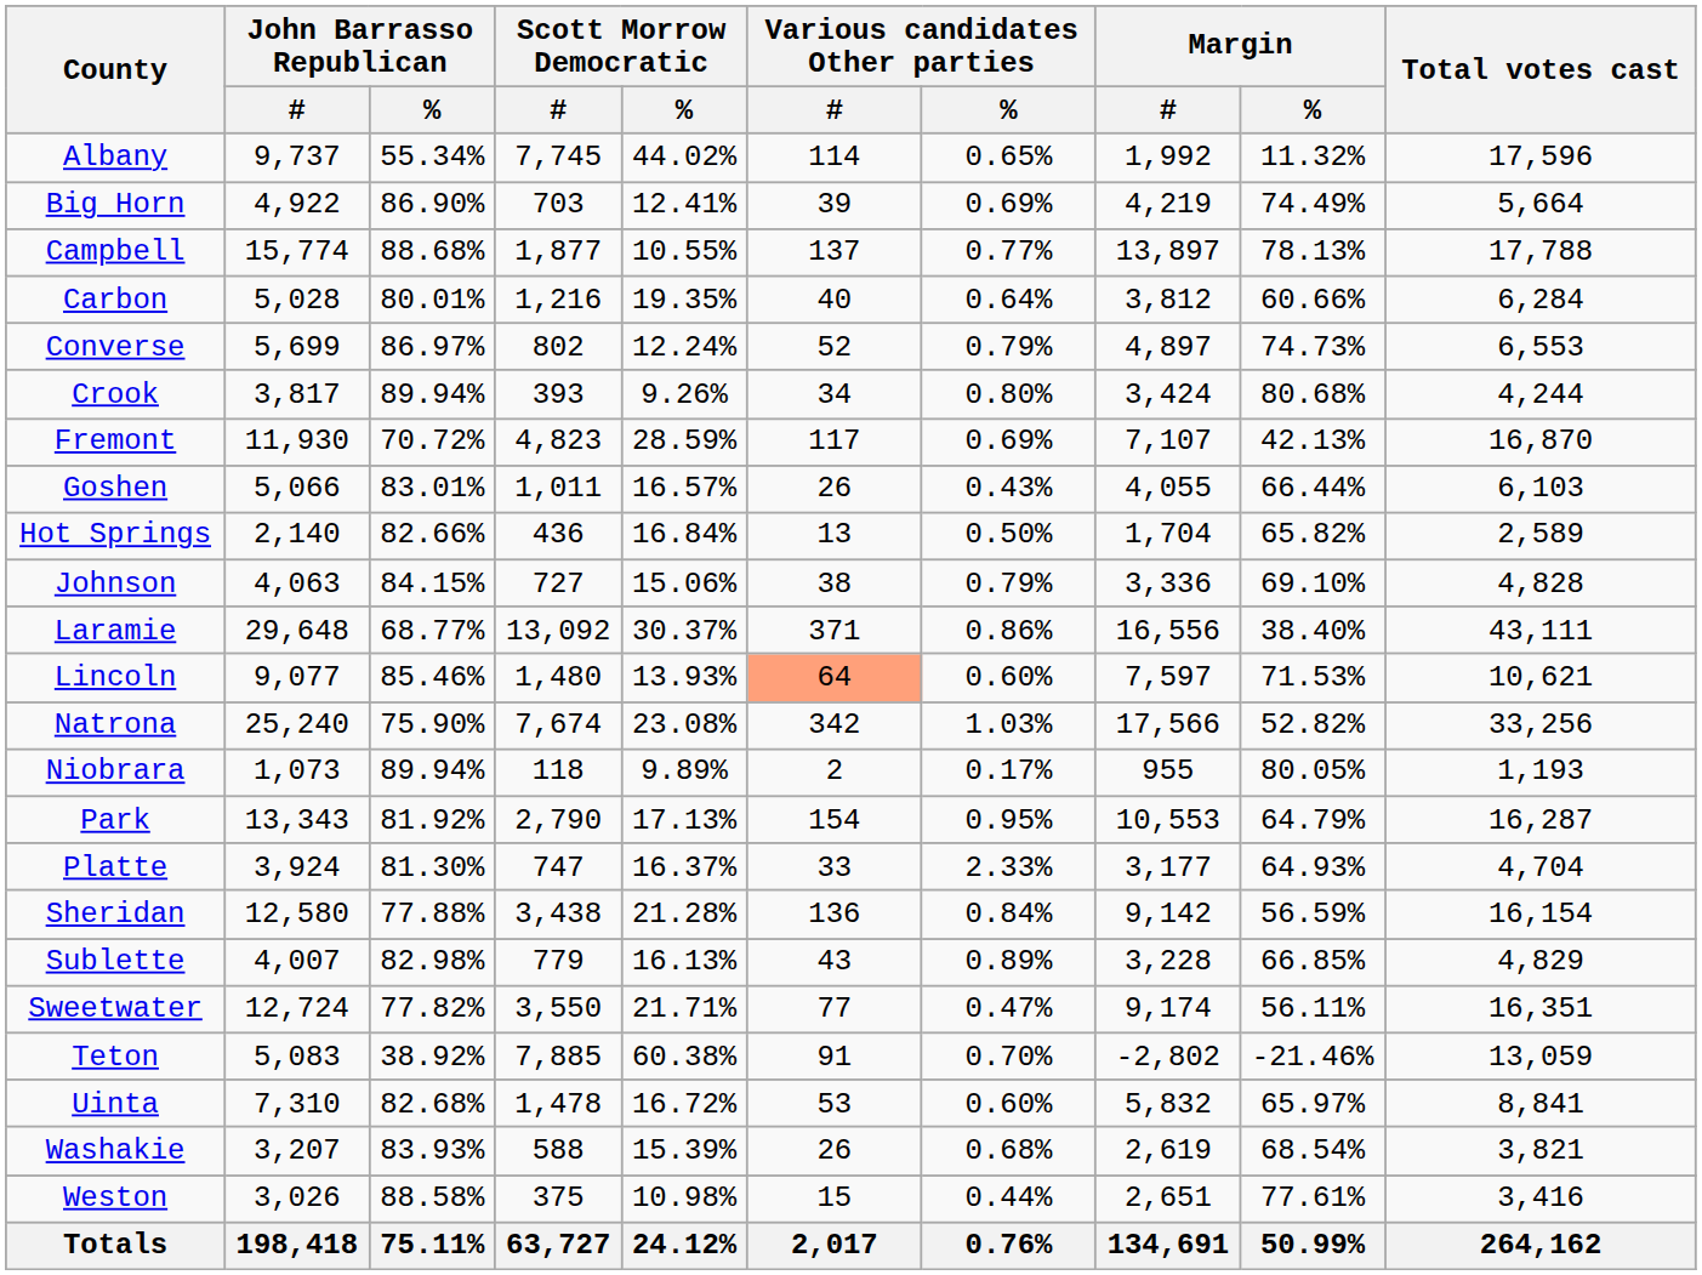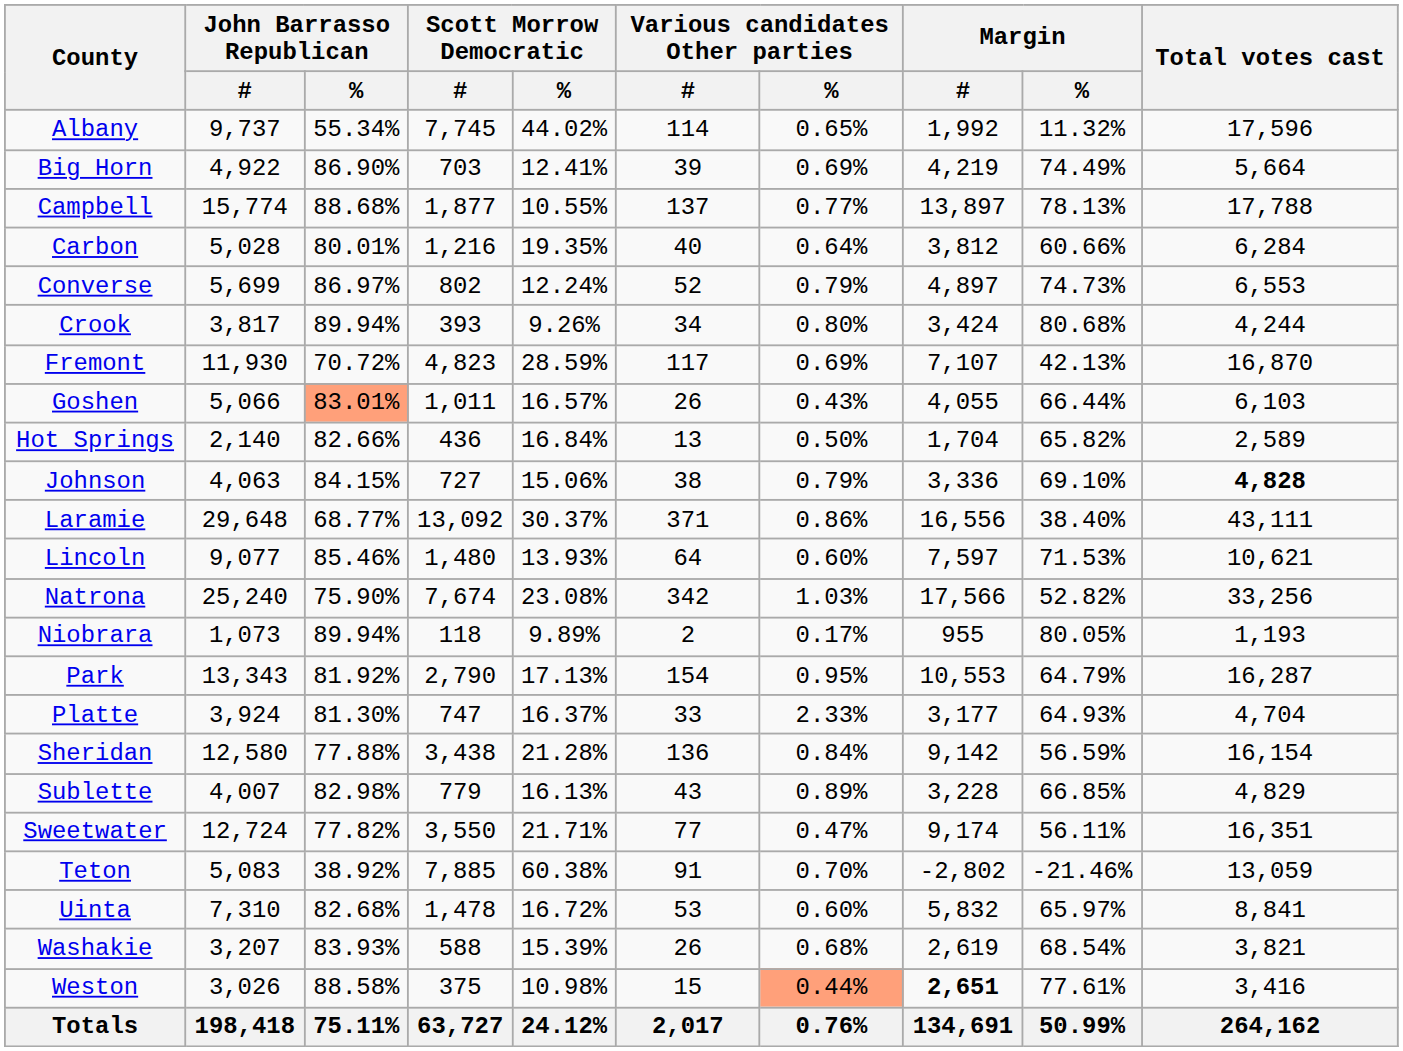 <table width="60%"  class="wikitable sortable" style="text-align:center">
 <tr>
 <th rowspan="2">County</th>
 <th style="text-align:center;" colspan="2">John Barrasso<br>Republican</th>
 <th style="text-align:center;" colspan="2">Scott Morrow<br>Democratic</th>
 <th style="text-align:center;" colspan="2">Various candidates<br>Other parties</th>
 <th style="text-align:center;" colspan="2">Margin</th>
 <th rowspan="2" style="text-align:center;">Total votes cast</th>
 </tr>
 <tr>
 <th style="text-align:center;" data-sort-type="number">#</th>
 <th style="text-align:center;" data-sort-type="number">%</th>
 <th style="text-align:center;" data-sort-type="number">#</th>
 <th style="text-align:center;" data-sort-type="number">%</th>
 <th style="text-align:center;" data-sort-type="number">#</th>
 <th style="text-align:center;" data-sort-type="number">%</th>
 <th style="text-align:center;" data-sort-type="number">#</th>
 <th style="text-align:center;" data-sort-type="number">%</th>
 </tr>
 <tr style="text-align:center;">
 <td><a href='#'>Albany</a></td>
 <td>9,737</td>
 <td>55.34%</td>
 <td>7,745</td>
 <td>44.02%</td>
 <td>114</td>
 <td>0.65%</td>
 <td>1,992</td>
 <td>11.32%</td>
 <td>17,596</td>
 </tr>
 <tr style="text-align:center;">
 <td><a href='#'>Big Horn</a></td>
 <td>4,922</td>
 <td>86.90%</td>
 <td>703</td>
 <td>12.41%</td>
 <td>39</td>
 <td>0.69%</td>
 <td>4,219</td>
 <td>74.49%</td>
 <td>5,664</td>
 </tr>
 <tr style="text-align:center;">
 <td><a href='#'>Campbell</a></td>
 <td>15,774</td>
 <td>88.68%</td>
 <td>1,877</td>
 <td>10.55%</td>
 <td>137</td>
 <td>0.77%</td>
 <td>13,897</td>
 <td>78.13%</td>
 <td>17,788</td>
 </tr>
 <tr style="text-align:center;">
 <td><a href='#'>Carbon</a></td>
 <td>5,028</td>
 <td>80.01%</td>
 <td>1,216</td>
 <td>19.35%</td>
 <td>40</td>
 <td>0.64%</td>
 <td>3,812</td>
 <td>60.66%</td>
 <td>6,284</td>
 </tr>
 <tr style="text-align:center;">
 <td><a href='#'>Converse</a></td>
 <td>5,699</td>
 <td>86.97%</td>
 <td>802</td>
 <td>12.24%</td>
 <td>52</td>
 <td>0.79%</td>
 <td>4,897</td>
 <td>74.73%</td>
 <td>6,553</td>
 </tr>
 <tr style="text-align:center;">
 <td><a href='#'>Crook</a></td>
 <td>3,817</td>
 <td>89.94%</td>
 <td>393</td>
 <td>9.26%</td>
 <td>34</td>
 <td>0.80%</td>
 <td>3,424</td>
 <td>80.68%</td>
 <td>4,244</td>
 </tr>
 <tr style="text-align:center;">
 <td><a href='#'>Fremont</a></td>
 <td>11,930</td>
 <td>70.72%</td>
 <td>4,823</td>
 <td>28.59%</td>
 <td>117</td>
 <td>0.69%</td>
 <td>7,107</td>
 <td>42.13%</td>
 <td>16,870</td>
 </tr>
 <tr style="text-align:center;">
 <td><a href='#'>Goshen</a></td>
 <td>5,066</td>
-<td>83.01%</td>
+<td style="background: lightsalmon;">83.01%</td>
 <td>1,011</td>
 <td>16.57%</td>
 <td>26</td>
 <td>0.43%</td>
 <td>4,055</td>
 <td>66.44%</td>
 <td>6,103</td>
 </tr>
 <tr style="text-align:center;">
 <td><a href='#'>Hot Springs</a></td>
 <td>2,140</td>
 <td>82.66%</td>
 <td>436</td>
 <td>16.84%</td>
 <td>13</td>
 <td>0.50%</td>
 <td>1,704</td>
 <td>65.82%</td>
 <td>2,589</td>
 </tr>
 <tr style="text-align:center;">
 <td><a href='#'>Johnson</a></td>
 <td>4,063</td>
 <td>84.15%</td>
 <td>727</td>
 <td>15.06%</td>
 <td>38</td>
 <td>0.79%</td>
 <td>3,336</td>
 <td>69.10%</td>
-<td>4,828</td>
+<td><strong>4,828</strong></td>
 </tr>
 <tr style="text-align:center;">
 <td><a href='#'>Laramie</a></td>
 <td>29,648</td>
 <td>68.77%</td>
 <td>13,092</td>
 <td>30.37%</td>
 <td>371</td>
 <td>0.86%</td>
 <td>16,556</td>
 <td>38.40%</td>
 <td>43,111</td>
 </tr>
 <tr style="text-align:center;">
 <td><a href='#'>Lincoln</a></td>
 <td>9,077</td>
 <td>85.46%</td>
 <td>1,480</td>
 <td>13.93%</td>
-<td style="background: lightsalmon;">64</td>
+<td>64</td>
 <td>0.60%</td>
 <td>7,597</td>
 <td>71.53%</td>
 <td>10,621</td>
 </tr>
 <tr style="text-align:center;">
 <td><a href='#'>Natrona</a></td>
 <td>25,240</td>
 <td>75.90%</td>
 <td>7,674</td>
 <td>23.08%</td>
 <td>342</td>
 <td>1.03%</td>
 <td>17,566</td>
 <td>52.82%</td>
 <td>33,256</td>
 </tr>
 <tr style="text-align:center;">
 <td><a href='#'>Niobrara</a></td>
 <td>1,073</td>
 <td>89.94%</td>
 <td>118</td>
 <td>9.89%</td>
 <td>2</td>
 <td>0.17%</td>
 <td>955</td>
 <td>80.05%</td>
 <td>1,193</td>
 </tr>
 <tr style="text-align:center;">
 <td><a href='#'>Park</a></td>
 <td>13,343</td>
 <td>81.92%</td>
 <td>2,790</td>
 <td>17.13%</td>
 <td>154</td>
 <td>0.95%</td>
 <td>10,553</td>
 <td>64.79%</td>
 <td>16,287</td>
 </tr>
 <tr style="text-align:center;">
 <td><a href='#'>Platte</a></td>
 <td>3,924</td>
 <td>81.30%</td>
 <td>747</td>
 <td>16.37%</td>
 <td>33</td>
 <td>2.33%</td>
 <td>3,177</td>
 <td>64.93%</td>
 <td>4,704</td>
 </tr>
 <tr style="text-align:center;">
 <td><a href='#'>Sheridan</a></td>
 <td>12,580</td>
 <td>77.88%</td>
 <td>3,438</td>
 <td>21.28%</td>
 <td>136</td>
 <td>0.84%</td>
 <td>9,142</td>
 <td>56.59%</td>
 <td>16,154</td>
 </tr>
 <tr style="text-align:center;">
 <td><a href='#'>Sublette</a></td>
 <td>4,007</td>
 <td>82.98%</td>
 <td>779</td>
 <td>16.13%</td>
 <td>43</td>
 <td>0.89%</td>
 <td>3,228</td>
 <td>66.85%</td>
 <td>4,829</td>
 </tr>
 <tr style="text-align:center;">
 <td><a href='#'>Sweetwater</a></td>
 <td>12,724</td>
 <td>77.82%</td>
 <td>3,550</td>
 <td>21.71%</td>
 <td>77</td>
 <td>0.47%</td>
 <td>9,174</td>
 <td>56.11%</td>
 <td>16,351</td>
 </tr>
 <tr style="text-align:center;">
 <td><a href='#'>Teton</a></td>
 <td>5,083</td>
 <td>38.92%</td>
 <td>7,885</td>
 <td>60.38%</td>
 <td>91</td>
 <td>0.70%</td>
 <td>-2,802</td>
 <td>-21.46%</td>
 <td>13,059</td>
 </tr>
 <tr style="text-align:center;">
 <td><a href='#'>Uinta</a></td>
 <td>7,310</td>
 <td>82.68%</td>
 <td>1,478</td>
 <td>16.72%</td>
 <td>53</td>
 <td>0.60%</td>
 <td>5,832</td>
 <td>65.97%</td>
 <td>8,841</td>
 </tr>
 <tr style="text-align:center;">
 <td><a href='#'>Washakie</a></td>
 <td>3,207</td>
 <td>83.93%</td>
 <td>588</td>
 <td>15.39%</td>
 <td>26</td>
 <td>0.68%</td>
 <td>2,619</td>
 <td>68.54%</td>
 <td>3,821</td>
 </tr>
 <tr style="text-align:center;">
 <td><a href='#'>Weston</a></td>
 <td>3,026</td>
 <td>88.58%</td>
 <td>375</td>
 <td>10.98%</td>
 <td>15</td>
-<td>0.44%</td>
-<td>2,651</td>
+<td style="background: lightsalmon;">0.44%</td>
+<td><strong>2,651</strong></td>
 <td>77.61%</td>
 <td>3,416</td>
 </tr>
 <tr style="text-align:center;">
 <th>Totals</th>
 <th>198,418</th>
 <th>75.11%</th>
 <th>63,727</th>
 <th>24.12%</th>
 <th>2,017</th>
 <th>0.76%</th>
 <th>134,691</th>
 <th>50.99%</th>
 <th>264,162</th>
 </tr>
 </table>
